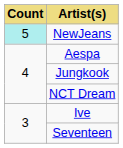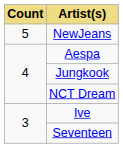 <table class="wikitable" style="text-align:center">
 <tr>
 <th scope="col" style="background-color:#EEDD82">Count</th>
 <th scope="col" style="background-color:#EEDD82">Artist(s)</th>
 </tr>
 <tr>
-<td style="background: paleturquoise;">5</td>
+<td>5</td>
 <td><a href='#'>NewJeans</a></td>
 </tr>
 <tr>
 <td rowspan="3">4</td>
 <td><a href='#'>Aespa</a></td>
 </tr>
 <tr>
 <td><a href='#'>Jungkook</a></td>
 </tr>
 <tr>
 <td><a href='#'>NCT Dream</a></td>
 </tr>
 <tr>
 <td rowspan="2">3</td>
 <td><a href='#'>Ive</a></td>
 </tr>
 <tr>
 <td><a href='#'>Seventeen</a></td>
 </tr>
 </table>
